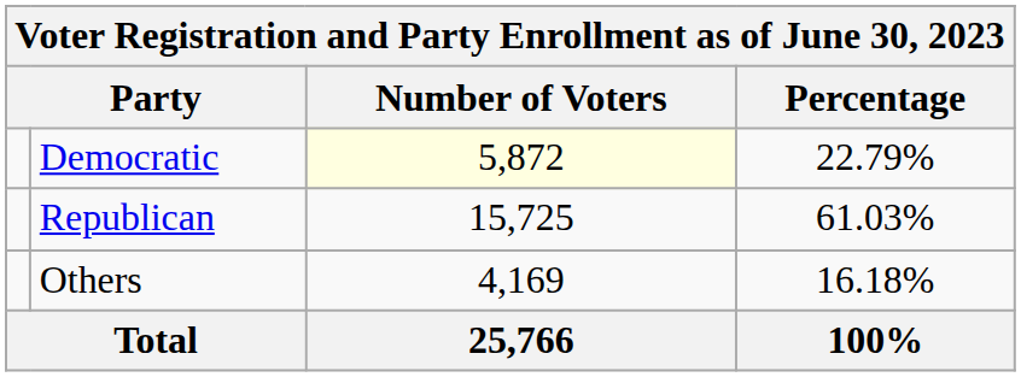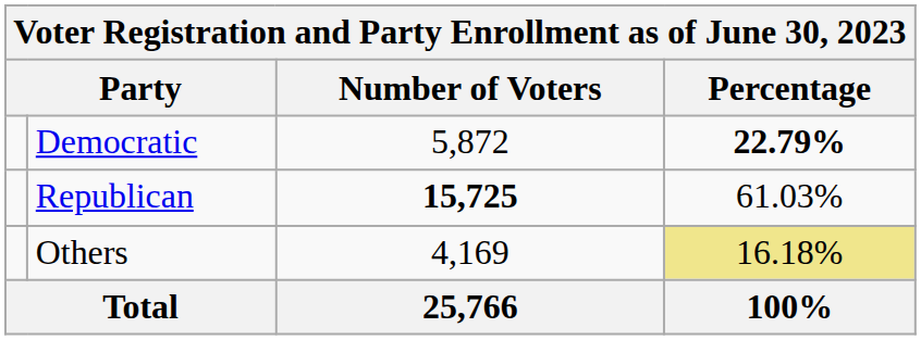 <table class=wikitable>
 <tr>
 <th colspan = 6>Voter Registration and Party Enrollment as of June 30, 2023</th>
 </tr>
 <tr>
 <th colspan = 2>Party</th>
 <th>Number of Voters</th>
 <th>Percentage</th>
 </tr>
 <tr>
 <td></td>
 <td><a href='#'>Democratic</a></td>
-<td align = center style="background: lightyellow;">5,872</td>
-<td align = center>22.79%</td>
+<td align = center>5,872</td>
+<td align = center><strong>22.79%</strong></td>
 </tr>
 <tr>
 <td></td>
 <td><a href='#'>Republican</a></td>
-<td align = center>15,725</td>
+<td align = center><strong>15,725</strong></td>
 <td align = center>61.03%</td>
 </tr>
 <tr>
 <td></td>
 <td>Others</td>
 <td align = center>4,169</td>
-<td align = center>16.18%</td>
+<td align = center style="background: khaki;">16.18%</td>
 </tr>
 <tr>
 <th colspan = 2>Total</th>
 <th align = center>25,766</th>
 <th align = center>100%</th>
 </tr>
 </table>
